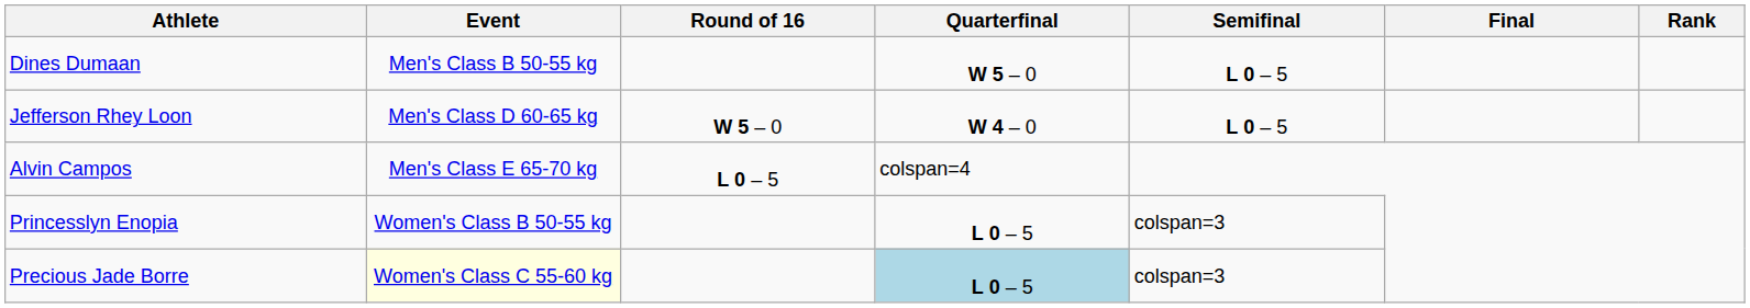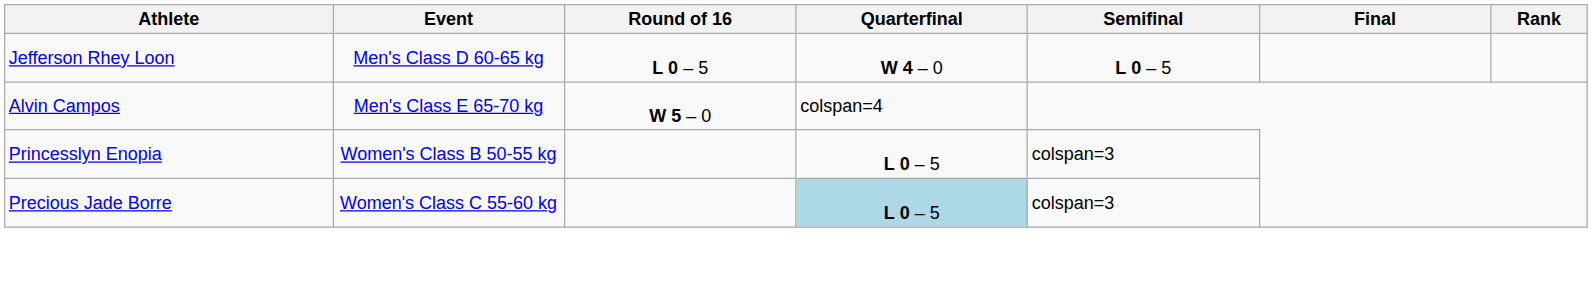 <table class="wikitable" width="80%" style="text-align:left; font-size:90%">
 <tr>
 <th width="17%">Athlete</th>
 <th width="12%">Event</th>
 <th width="12%">Round of 16</th>
 <th width="12%">Quarterfinal</th>
 <th width="12%">Semifinal</th>
 <th width="12%">Final</th>
 <th width="5%">Rank</th>
 </tr>
 <tr>
-<td><a href='#'>Dines Dumaan</a></td>
-<td align=center><a href='#'>Men's Class B 50-55 kg</a></td>
-<td></td>
-<td align=center> <br>  <strong>W</strong> <strong>5</strong> – 0</td>
-<td align=center> <br> <strong>L</strong> <strong>0</strong> – 5</td>
-<td></td>
-<td align=center></td>
-</tr>
-<tr>
 <td><a href='#'>Jefferson Rhey Loon</a></td>
 <td align=center><a href='#'>Men's Class D 60-65 kg</a></td>
-<td align=center> <br> <strong>W</strong> <strong>5</strong> – 0</td>
+<td align=center> <br> <strong>L</strong> <strong>0</strong> – 5</td>
 <td align=center> <br> <strong>W</strong> <strong>4</strong> – 0</td>
 <td align=center> <br> <strong>L</strong> <strong>0</strong> – 5</td>
 <td></td>
 <td align=center></td>
 </tr>
 <tr>
 <td><a href='#'>Alvin Campos</a></td>
 <td align=center><a href='#'>Men's Class E 65-70 kg</a></td>
-<td align=center> <br> <strong>L</strong> <strong>0</strong> – 5</td>
+<td align=center> <br> <strong>W</strong> <strong>5</strong> – 0</td>
 <td>colspan=4 </td>
 </tr>
 <tr>
 <td><a href='#'>Princesslyn Enopia</a></td>
 <td align=center><a href='#'>Women's Class B 50-55 kg</a></td>
 <td></td>
 <td align=center> <br> <strong>L</strong> <strong>0</strong> – 5</td>
 <td>colspan=3 </td>
 </tr>
 <tr>
 <td><a href='#'>Precious Jade Borre</a></td>
-<td align=center style="background: lightyellow;"><a href='#'>Women's Class C 55-60 kg</a></td>
+<td align=center><a href='#'>Women's Class C 55-60 kg</a></td>
 <td></td>
 <td align=center style="background: lightblue;"> <br> <strong>L</strong> <strong>0</strong> – 5</td>
 <td>colspan=3 </td>
 </tr>
 </table>
